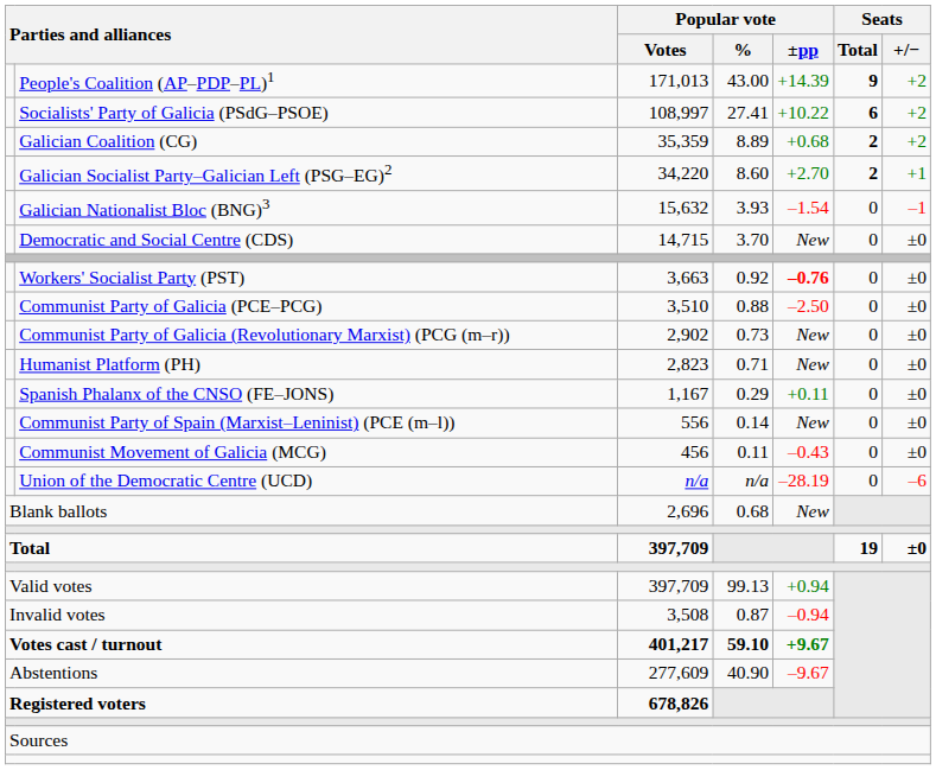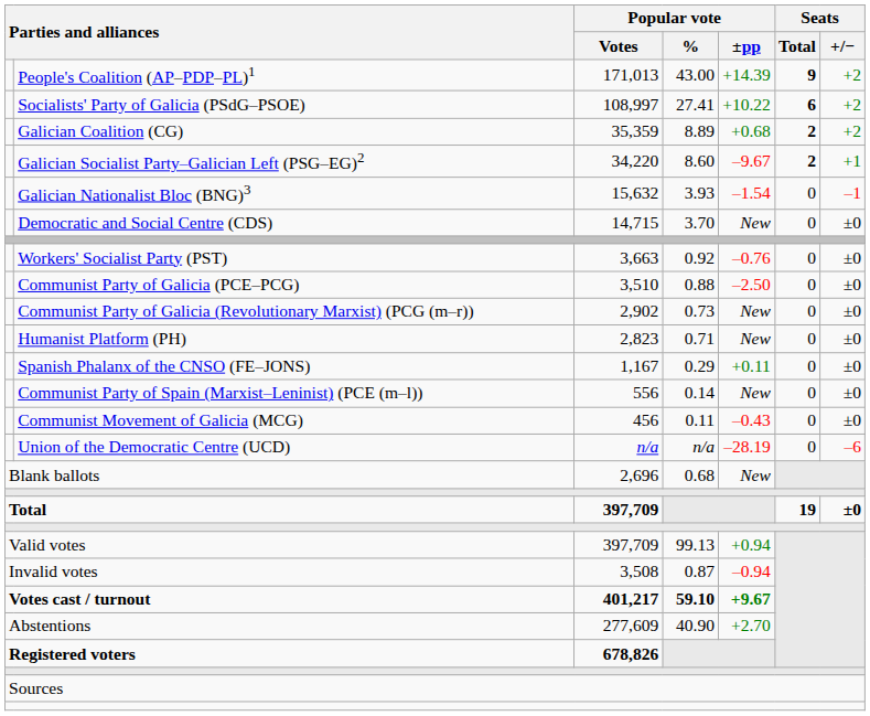 <table class="wikitable" style="text-align:right;">
 <tr>
 <th style="text-align:left;" rowspan="2" colspan="2" width="525">Parties and alliances</th>
 <th colspan="3">Popular vote</th>
 <th colspan="2">Seats</th>
 </tr>
 <tr>
 <th width="75">Votes</th>
 <th width="45">%</th>
 <th width="45">±<a href='#'>pp</a></th>
 <th width="35">Total</th>
 <th width="35">+/−</th>
 </tr>
 <tr>
 <td width="1" style="color:inherit;background:"></td>
 <td align="left"><a href='#'>People's Coalition</a> (<a href='#'>AP</a>–<a href='#'>PDP</a>–<a href='#'>PL</a>)<sup>1</sup></td>
 <td>171,013</td>
 <td>43.00</td>
 <td style="color:green;">+14.39</td>
 <td><strong>9</strong></td>
 <td style="color:green;">+2</td>
 </tr>
 <tr>
 <td style="color:inherit;background:"></td>
 <td align="left"><a href='#'>Socialists' Party of Galicia</a> (PSdG–PSOE)</td>
 <td>108,997</td>
 <td>27.41</td>
 <td style="color:green;">+10.22</td>
 <td><strong>6</strong></td>
 <td style="color:green;">+2</td>
 </tr>
 <tr>
 <td style="color:inherit;background:"></td>
 <td align="left"><a href='#'>Galician Coalition</a> (CG)</td>
 <td>35,359</td>
 <td>8.89</td>
 <td style="color:green;">+0.68</td>
 <td><strong>2</strong></td>
 <td style="color:green;">+2</td>
 </tr>
 <tr>
 <td style="color:inherit;background:"></td>
 <td align="left"><a href='#'>Galician Socialist Party–Galician Left</a> (PSG–EG)<sup>2</sup></td>
 <td>34,220</td>
 <td>8.60</td>
-<td style="color:green;">+2.70</td>
+<td style="color:red;">–9.67</td>
 <td><strong>2</strong></td>
 <td style="color:green;">+1</td>
 </tr>
 <tr>
 <td style="color:inherit;background:"></td>
 <td align="left"><a href='#'>Galician Nationalist Bloc</a> (BNG)<sup>3</sup></td>
 <td>15,632</td>
 <td>3.93</td>
 <td style="color:red;">–1.54</td>
 <td>0</td>
 <td style="color:red;">–1</td>
 </tr>
 <tr>
 <td style="color:inherit;background:"></td>
 <td align="left"><a href='#'>Democratic and Social Centre</a> (CDS)</td>
 <td>14,715</td>
 <td>3.70</td>
 <td><em>New</em></td>
 <td>0</td>
 <td>±0</td>
 </tr>
 <tr>
 <td colspan="7" bgcolor="#C0C0C0"></td>
 </tr>
 <tr>
 <td style="color:inherit;background:"></td>
 <td align="left"><a href='#'>Workers' Socialist Party</a> (PST)</td>
 <td>3,663</td>
 <td>0.92</td>
-<td style="color:red;"><strong>–0.76</strong></td>
+<td style="color:red;">–0.76</td>
 <td>0</td>
 <td>±0</td>
 </tr>
 <tr>
 <td style="color:inherit;background:"></td>
 <td align="left"><a href='#'>Communist Party of Galicia</a> (PCE–PCG)</td>
 <td>3,510</td>
 <td>0.88</td>
 <td style="color:red;">–2.50</td>
 <td>0</td>
 <td>±0</td>
 </tr>
 <tr>
 <td style="color:inherit;background:"></td>
 <td align="left"><a href='#'>Communist Party of Galicia (Revolutionary Marxist)</a> (PCG (m–r))</td>
 <td>2,902</td>
 <td>0.73</td>
 <td><em>New</em></td>
 <td>0</td>
 <td>±0</td>
 </tr>
 <tr>
 <td style="color:inherit;background:"></td>
 <td align="left"><a href='#'>Humanist Platform</a> (PH)</td>
 <td>2,823</td>
 <td>0.71</td>
 <td><em>New</em></td>
 <td>0</td>
 <td>±0</td>
 </tr>
 <tr>
 <td style="color:inherit;background:"></td>
 <td align="left"><a href='#'>Spanish Phalanx of the CNSO</a> (FE–JONS)</td>
 <td>1,167</td>
 <td>0.29</td>
 <td style="color:green;">+0.11</td>
 <td>0</td>
 <td>±0</td>
 </tr>
 <tr>
 <td style="color:inherit;background:"></td>
 <td align="left"><a href='#'>Communist Party of Spain (Marxist–Leninist)</a> (PCE (m–l))</td>
 <td>556</td>
 <td>0.14</td>
 <td><em>New</em></td>
 <td>0</td>
 <td>±0</td>
 </tr>
 <tr>
 <td style="color:inherit;background:"></td>
 <td align="left"><a href='#'>Communist Movement of Galicia</a> (MCG)</td>
 <td>456</td>
 <td>0.11</td>
 <td style="color:red;">–0.43</td>
 <td>0</td>
 <td>±0</td>
 </tr>
 <tr>
 <td style="color:inherit;background:"></td>
 <td align="left"><a href='#'>Union of the Democratic Centre</a> (UCD)</td>
 <td><em><a href='#'>n/a</a></em></td>
 <td><em>n/a</em></td>
 <td style="color:red;">–28.19</td>
 <td>0</td>
 <td style="color:red;">–6</td>
 </tr>
 <tr>
 <td align="left" colspan="2">Blank ballots</td>
 <td>2,696</td>
 <td>0.68</td>
 <td><em>New</em></td>
 <td bgcolor="#E9E9E9" colspan="2"></td>
 </tr>
 <tr>
 <td colspan="7" bgcolor="#E9E9E9"></td>
 </tr>
 <tr style="font-weight:bold;">
 <td align="left" colspan="2">Total</td>
 <td>397,709</td>
 <td bgcolor="#E9E9E9" colspan="2"></td>
 <td>19</td>
 <td>±0</td>
 </tr>
 <tr>
 <td colspan="7" bgcolor="#E9E9E9"></td>
 </tr>
 <tr>
 <td align="left" colspan="2">Valid votes</td>
 <td>397,709</td>
 <td>99.13</td>
 <td style="color:green;">+0.94</td>
 <td bgcolor="#E9E9E9" colspan="7" rowspan="5"></td>
 </tr>
 <tr>
 <td align="left" colspan="2">Invalid votes</td>
 <td>3,508</td>
 <td>0.87</td>
 <td style="color:red;">–0.94</td>
 </tr>
 <tr style="font-weight:bold;">
 <td align="left" colspan="2">Votes cast / turnout</td>
 <td>401,217</td>
 <td>59.10</td>
 <td style="color:green;">+9.67</td>
 </tr>
 <tr>
 <td align="left" colspan="2">Abstentions</td>
 <td>277,609</td>
 <td>40.90</td>
-<td style="color:red;">–9.67</td>
+<td style="color:green;">+2.70</td>
 </tr>
 <tr style="font-weight:bold;">
 <td align="left" colspan="2">Registered voters</td>
 <td>678,826</td>
 <td bgcolor="#E9E9E9" colspan="2"></td>
 </tr>
 <tr>
 <td colspan="7" bgcolor="#E9E9E9"></td>
 </tr>
 <tr>
 <td align="left" colspan="7">Sources</td>
 </tr>
 <tr>
 <td colspan="7" style="text-align:left; max-width:790px;"></td>
 </tr>
 </table>
